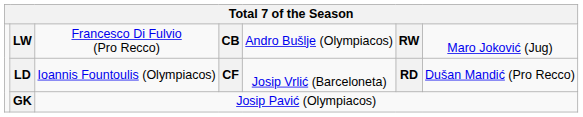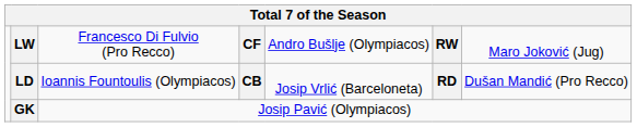 <table class="wikitable" style="text-align:center">
 <tr>
 <th colspan="7">Total 7 of the Season</th>
 </tr>
 <tr>
 <td rowspan="3"></td>
 <th>LW</th>
 <td> <a href='#'>Francesco Di Fulvio</a><br>(Pro Recco)</td>
-<th>CB</th>
+<th>CF</th>
 <td> <a href='#'>Andro Bušlje</a> (Olympiacos)</td>
 <th>RW</th>
 <td><br><a href='#'>Maro Joković</a> (Jug)</td>
 </tr>
 <tr>
 <th>LD</th>
 <td> <a href='#'>Ioannis Fountoulis</a> (Olympiacos)</td>
-<th>CF</th>
+<th>CB</th>
 <td><br><a href='#'>Josip Vrlić</a> (Barceloneta)</td>
 <th>RD</th>
 <td> <a href='#'>Dušan Mandić</a> (Pro Recco)</td>
 </tr>
 <tr>
 <th>GK</th>
 <td colspan="5"> <a href='#'>Josip Pavić</a> (Olympiacos)</td>
 </tr>
 </table>
